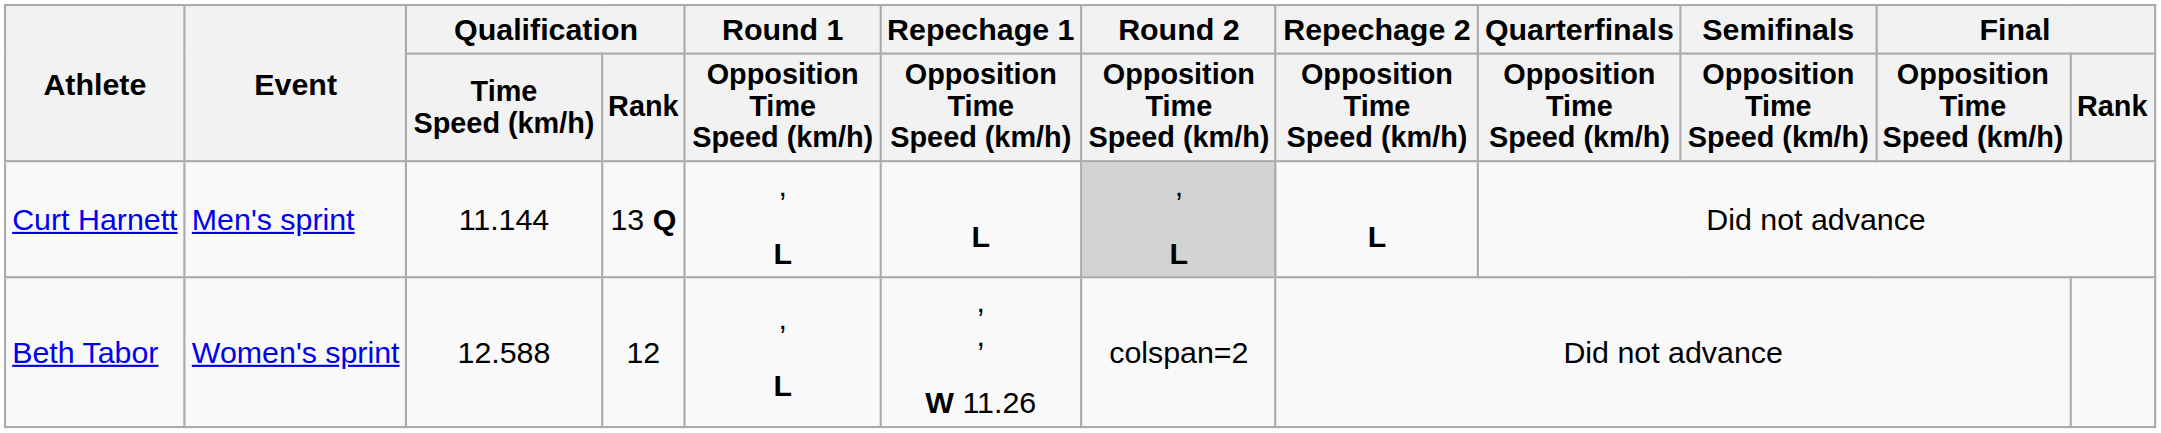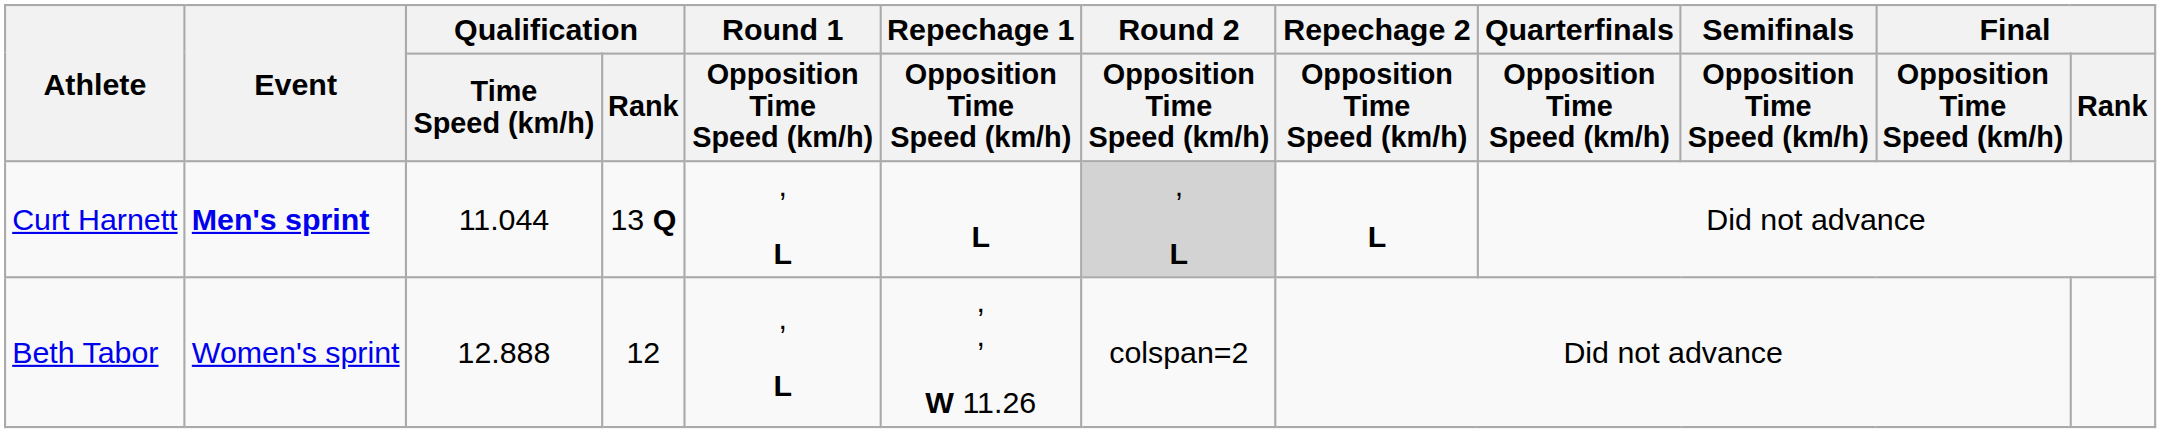 <table class="wikitable" style="font-size:90%">
 <tr>
 <th rowspan=2>Athlete</th>
 <th rowspan=2>Event</th>
 <th colspan=2>Qualification</th>
 <th>Round 1</th>
 <th>Repechage 1</th>
 <th>Round 2</th>
 <th>Repechage 2</th>
 <th>Quarterfinals</th>
 <th>Semifinals</th>
 <th colspan=2>Final</th>
 </tr>
 <tr style="font-size:95%">
 <th>Time<br>Speed (km/h)</th>
 <th>Rank</th>
 <th>Opposition<br>Time<br>Speed (km/h)</th>
 <th>Opposition<br>Time<br>Speed (km/h)</th>
 <th>Opposition<br>Time<br>Speed (km/h)</th>
 <th>Opposition<br>Time<br>Speed (km/h)</th>
 <th>Opposition<br>Time<br>Speed (km/h)</th>
 <th>Opposition<br>Time<br>Speed (km/h)</th>
 <th>Opposition<br>Time<br>Speed (km/h)</th>
 <th>Rank</th>
 </tr>
 <tr align=center>
 <td align=left><a href='#'>Curt Harnett</a></td>
-<td align=left><a href='#'>Men's sprint</a></td>
-<td>11.144</td>
+<td align=left><strong><a href='#'>Men's sprint</a></strong></td>
+<td>11.044</td>
 <td>13 <strong>Q</strong></td>
 <td>,<br><br><strong>L</strong></td>
 <td><br><strong>L</strong></td>
 <td style="background: lightgrey;">,<br><br><strong>L</strong></td>
 <td><br><strong>L</strong></td>
 <td colspan=4>Did not advance</td>
 </tr>
 <tr align=center>
 <td align=left><a href='#'>Beth Tabor</a></td>
 <td align=left><a href='#'>Women's sprint</a></td>
-<td>12.588</td>
+<td>12.888</td>
 <td>12</td>
 <td>,<br><br><strong>L</strong></td>
 <td>,<br>,<br><br><strong>W</strong> 11.26</td>
 <td>colspan=2</td>
 <td colspan=4>Did not advance</td>
 </tr>
 </table>
